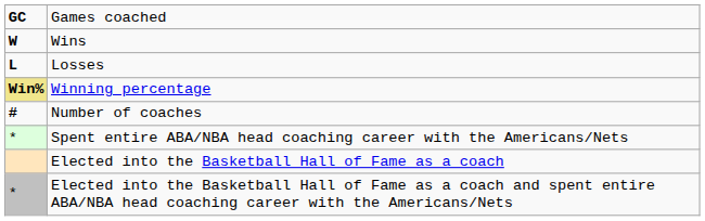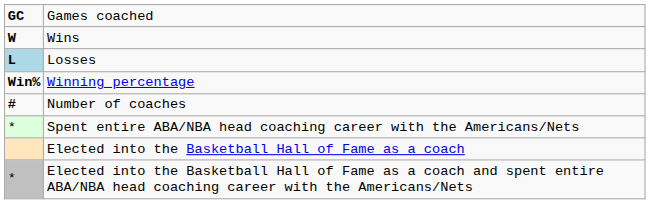 <table class="wikitable">
 <tr>
 <td><strong>GC</strong></td>
 <td>Games coached</td>
 </tr>
 <tr>
 <td><strong>W</strong></td>
 <td>Wins</td>
 </tr>
 <tr>
-<td><strong>L</strong></td>
+<td style="background: lightblue;"><strong>L</strong></td>
 <td>Losses</td>
 </tr>
 <tr>
-<td style="background: khaki;"><strong>Win%</strong></td>
+<td><strong>Win%</strong></td>
 <td><a href='#'>Winning percentage</a></td>
 </tr>
 <tr>
 <td><strong>#</strong></td>
 <td>Number of coaches</td>
 </tr>
 <tr>
 <td style="background-color:#ddffdd">*</td>
 <td>Spent entire ABA/NBA head coaching career with the Americans/Nets</td>
 </tr>
 <tr>
 <td style="background-color:#FFE6BD"></td>
 <td>Elected into the <a href='#'>Basketball Hall of Fame as a coach</a></td>
 </tr>
 <tr>
 <td style="background-color:silver">*</td>
 <td>Elected into the Basketball Hall of Fame as a coach and spent entire ABA/NBA head coaching career with the Americans/Nets</td>
 </tr>
 </table>
